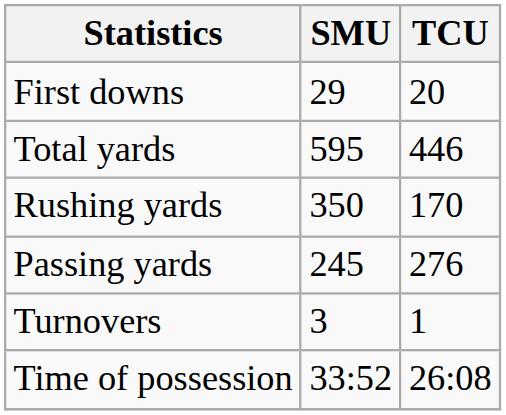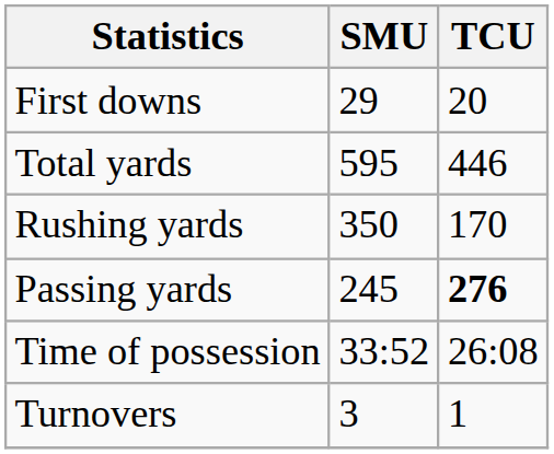 <table class="wikitable">
 <tr>
 <th>Statistics</th>
 <th>SMU</th>
 <th>TCU</th>
 </tr>
 <tr>
 <td>First downs</td>
 <td>29</td>
 <td>20</td>
 </tr>
 <tr>
 <td>Total yards</td>
 <td>595</td>
 <td>446</td>
 </tr>
 <tr>
 <td>Rushing yards</td>
 <td>350</td>
 <td>170</td>
 </tr>
 <tr>
 <td>Passing yards</td>
 <td>245</td>
-<td>276</td>
+<td><strong>276</strong></td>
+</tr>
+<tr>
+<td>Time of possession</td>
+<td>33:52</td>
+<td>26:08</td>
 </tr>
 <tr>
 <td>Turnovers</td>
 <td>3</td>
 <td>1</td>
 </tr>
 <tr>
-<td>Time of possession</td>
-<td>33:52</td>
-<td>26:08</td>
-</tr>
-<tr>
 </tr>
 </table>
